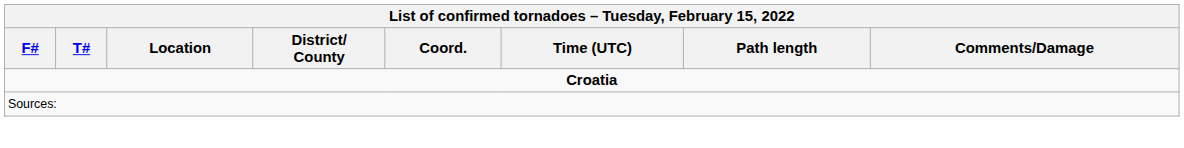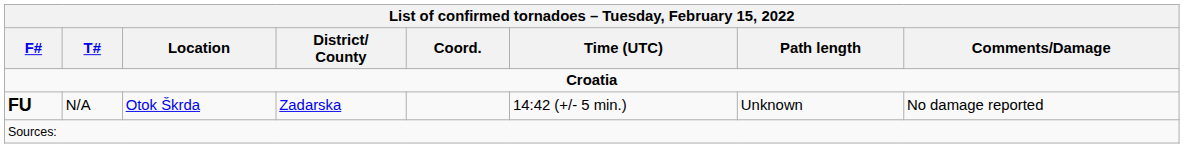 <table class="wikitable collapsible" width="100%">
 <tr>
 <th colspan="8">List of confirmed tornadoes – Tuesday, February 15, 2022</th>
 </tr>
 <tr>
 <th><a href='#'>F#</a></th>
 <th><a href='#'>T#</a></th>
 <th>Location</th>
 <th>District/<br>County</th>
 <th>Coord.</th>
 <th>Time (UTC)</th>
 <th>Path length</th>
 <th>Comments/Damage</th>
 </tr>
 <tr>
 <td colspan="8" align=center><strong>Croatia</strong></td>
 </tr>
 <tr>
+<td><big><strong>FU</strong></big></td>
+<td>N/A</td>
+<td><a href='#'>Otok Škrda</a></td>
+<td><a href='#'>Zadarska</a></td>
+<td></td>
+<td>14:42 (+/- 5 min.)</td>
+<td>Unknown</td>
+<td>No damage reported</td>
+</tr>
+<tr>
 <td colspan="8"><small>Sources:  </small></td>
 </tr>
 </table>
